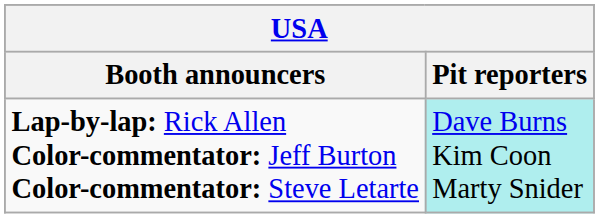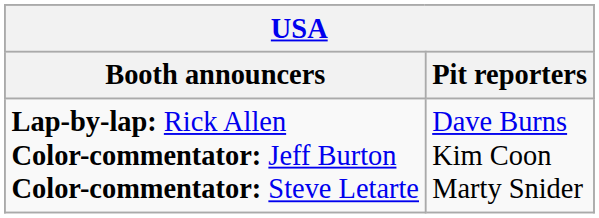 <table class="wikitable" style="font-size: 95%">
 <tr>
 <th colspan="2"><a href='#'>USA</a></th>
 </tr>
 <tr>
 <th>Booth announcers</th>
 <th>Pit reporters</th>
 </tr>
 <tr>
 <td><strong>Lap-by-lap:</strong> <a href='#'>Rick Allen</a><br><strong>Color-commentator:</strong> <a href='#'>Jeff Burton</a><br><strong>Color-commentator:</strong> <a href='#'>Steve Letarte</a></td>
-<td style="background: paleturquoise;"><a href='#'>Dave Burns</a><br>Kim Coon<br>Marty Snider</td>
+<td><a href='#'>Dave Burns</a><br>Kim Coon<br>Marty Snider</td>
 </tr>
 </table>
